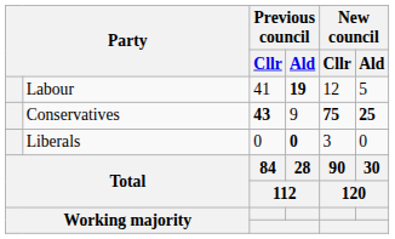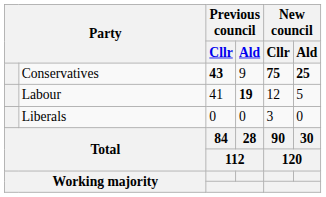 <table class="wikitable">
 <tr>
 <th colspan="2" rowspan="2" style="width: 230px">Party</th>
 <th valign=top colspan="2" style="width: 30px">Previous council</th>
 <th valign=top colspan="2" style="width: 30px">New council</th>
 </tr>
 <tr>
 <th><a href='#'>Cllr</a></th>
 <th><a href='#'>Ald</a></th>
 <th>Cllr</th>
 <th>Ald</th>
 </tr>
 <tr>
 <th style="background-color: "></th>
+<td>Conservatives</td>
+<td><strong>43</strong></td>
+<td>9</td>
+<td><strong>75</strong></td>
+<td><strong>25</strong></td>
+</tr>
+<tr>
+<th style="background-color: "></th>
 <td>Labour</td>
 <td>41</td>
 <td><strong>19</strong></td>
 <td>12</td>
 <td>5</td>
 </tr>
 <tr>
 <th style="background-color: "></th>
-<td>Conservatives</td>
-<td><strong>43</strong></td>
-<td>9</td>
-<td><strong>75</strong></td>
-<td><strong>25</strong></td>
-</tr>
-<tr>
-<th style="background-color: "></th>
 <td>Liberals</td>
 <td>0</td>
-<td><strong>0</strong></td>
+<td>0</td>
 <td>3</td>
 <td>0</td>
 </tr>
 <tr>
 <th colspan="2" rowspan="2">Total</th>
 <th style="text-align: center">84</th>
 <th style="text-align: center">28</th>
 <th style="text-align: center">90</th>
 <th style="text-align: center">30</th>
 </tr>
 <tr>
 <th colspan="2" style="text-align: center">112</th>
 <th colspan="2" style="text-align: center">120</th>
 </tr>
 <tr>
 <th colspan="2" rowspan="2">Working majority</th>
 <th></th>
 <th></th>
 <th></th>
 <th></th>
 </tr>
 <tr>
 <th colspan="2"></th>
 <th colspan="2"></th>
 </tr>
 </table>
